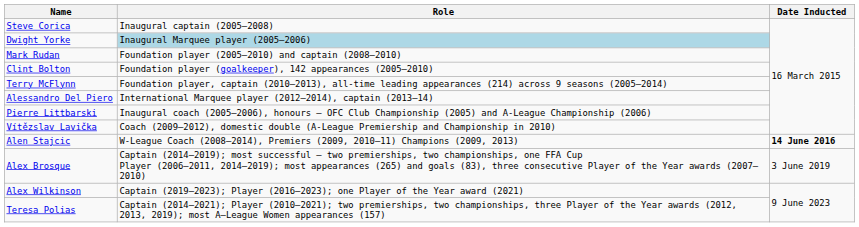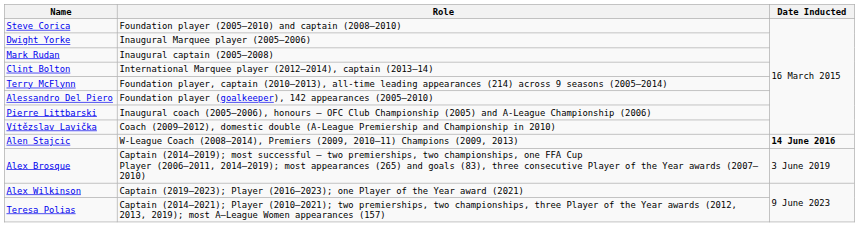 <table class="wikitable">
 <tr>
 <th style="width:160px">Name</th>
 <th>Role</th>
 <th style="width:10%">Date Inducted</th>
 </tr>
 <tr>
 <td> <a href='#'>Steve Corica</a></td>
-<td>Inaugural captain (2005–2008)</td>
+<td>Foundation player (2005–2010) and captain (2008–2010)</td>
 <td rowspan="8">16 March 2015</td>
 </tr>
 <tr>
 <td> <a href='#'>Dwight Yorke</a></td>
-<td style="background: lightblue;">Inaugural Marquee player (2005–2006)</td>
+<td>Inaugural Marquee player (2005–2006)</td>
 </tr>
 <tr>
 <td> <a href='#'>Mark Rudan</a></td>
-<td>Foundation player (2005–2010) and captain (2008–2010)</td>
+<td>Inaugural captain (2005–2008)</td>
 </tr>
 <tr>
 <td> <a href='#'>Clint Bolton</a></td>
-<td>Foundation player (<a href='#'>goalkeeper</a>), 142 appearances (2005–2010)</td>
+<td>International Marquee player (2012–2014), captain (2013–14)</td>
 </tr>
 <tr>
 <td> <a href='#'>Terry McFlynn</a></td>
 <td>Foundation player, captain (2010–2013), all-time leading appearances (214) across 9 seasons (2005–2014)</td>
 </tr>
 <tr>
 <td> <a href='#'>Alessandro Del Piero</a></td>
-<td>International Marquee player (2012–2014), captain (2013–14)</td>
+<td>Foundation player (<a href='#'>goalkeeper</a>), 142 appearances (2005–2010)</td>
 </tr>
 <tr>
 <td> <a href='#'>Pierre Littbarski</a></td>
 <td>Inaugural coach (2005–2006), honours — OFC Club Championship (2005) and A-League Championship (2006)</td>
 </tr>
 <tr>
 <td> <a href='#'>Vítězslav Lavička</a></td>
 <td>Coach (2009–2012), domestic double (A-League Premiership and Championship in 2010)</td>
 </tr>
 <tr>
 <td> <a href='#'>Alen Stajcic</a></td>
 <td>W-League Coach (2008–2014), Premiers (2009, 2010–11) Champions (2009, 2013)</td>
 <td><strong>14 June 2016</strong></td>
 </tr>
 <tr>
 <td> <a href='#'>Alex Brosque</a></td>
 <td>Captain (2014–2019); most successful – two premierships, two championships, one FFA Cup <br>Player (2006–2011, 2014–2019); most appearances (265) and goals (83), three consecutive Player of the Year awards (2007–2010)</td>
 <td>3 June 2019</td>
 </tr>
 <tr>
 <td> <a href='#'>Alex Wilkinson</a></td>
 <td>Captain (2019–2023); Player (2016–2023); one Player of the Year award (2021)</td>
 <td rowspan="2">9 June 2023</td>
 </tr>
 <tr>
 <td> <a href='#'>Teresa Polias</a></td>
 <td>Captain (2014–2021); Player (2010–2021); two premierships, two championships, three Player of the Year awards (2012, 2013, 2019); most A–League Women appearances (157)</td>
 </tr>
 </table>
